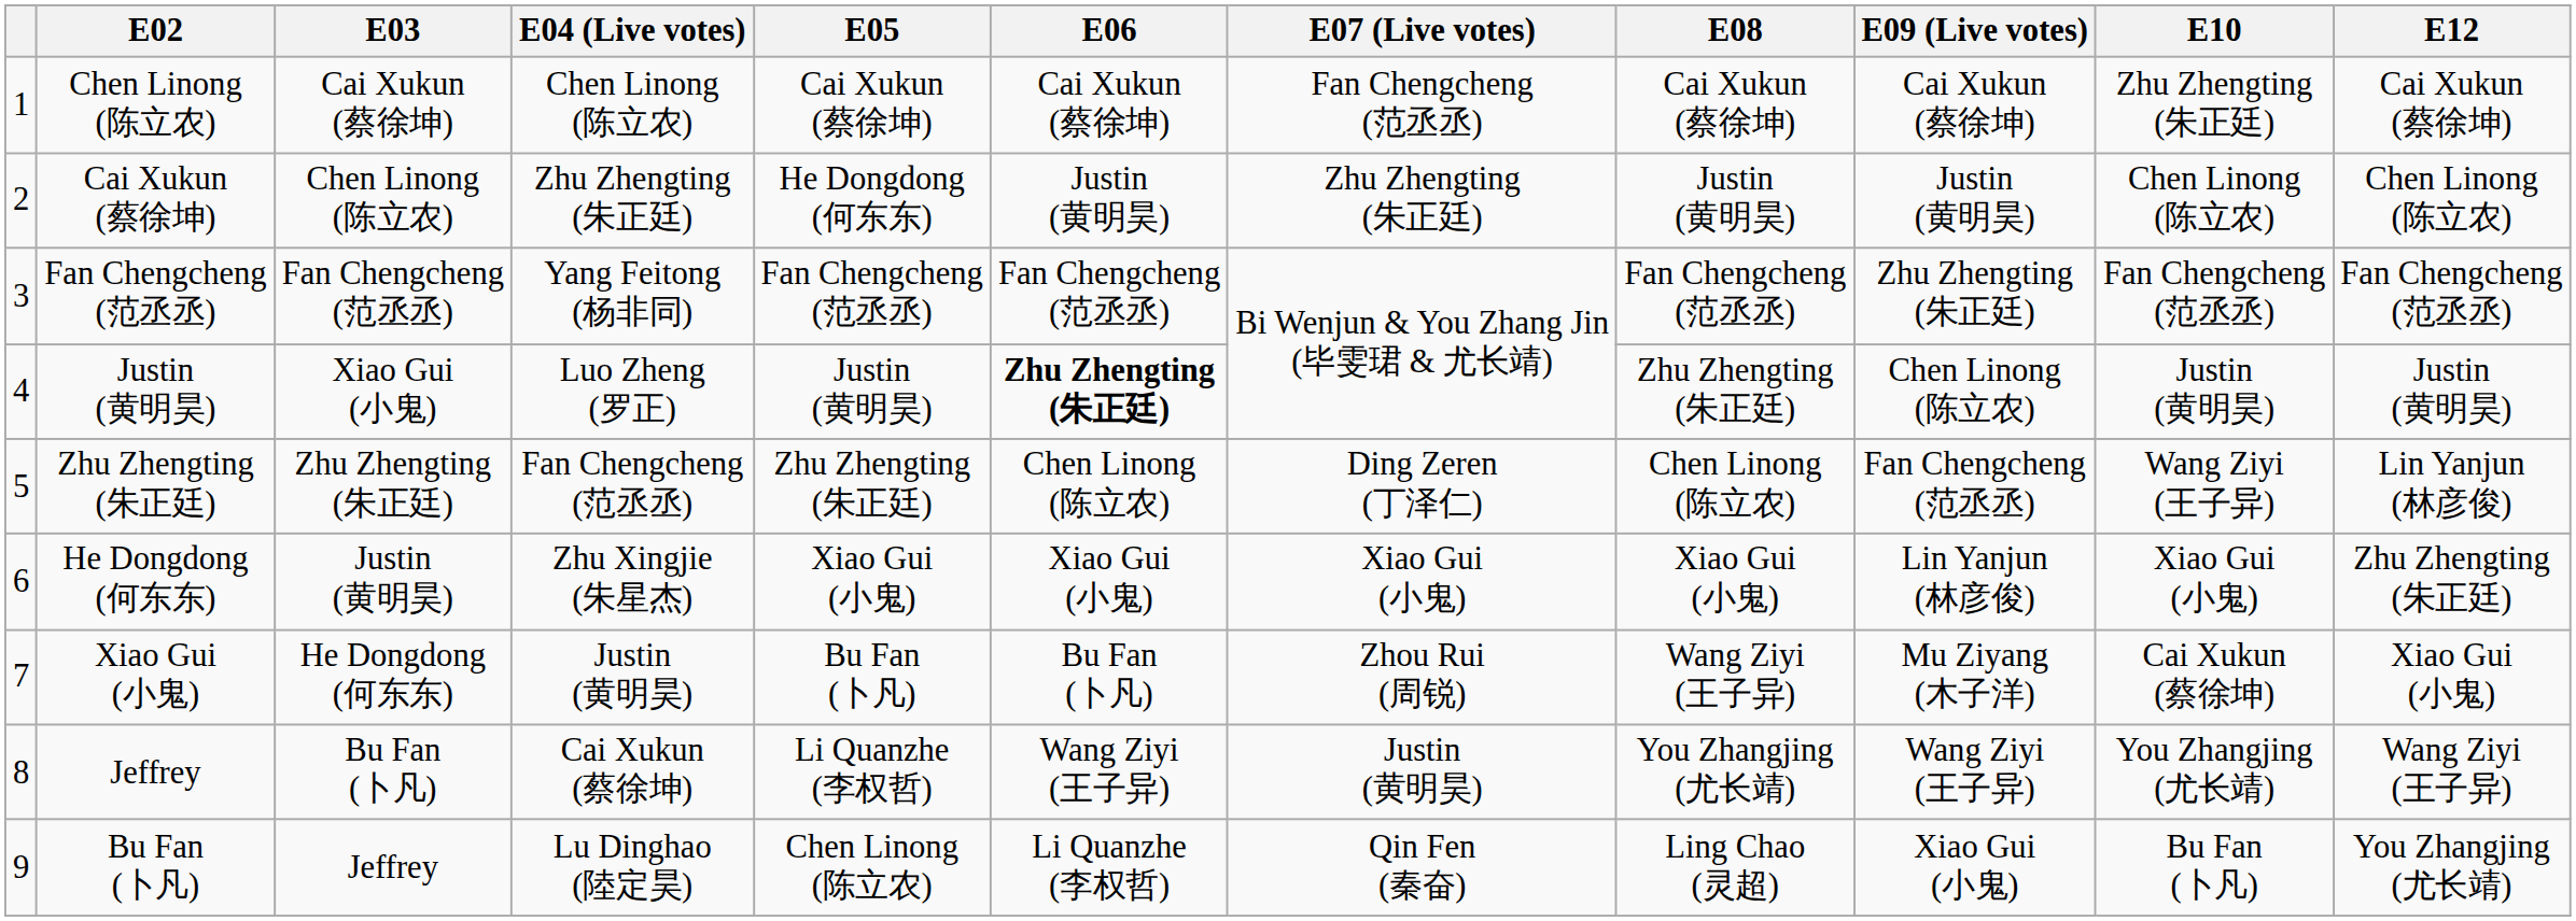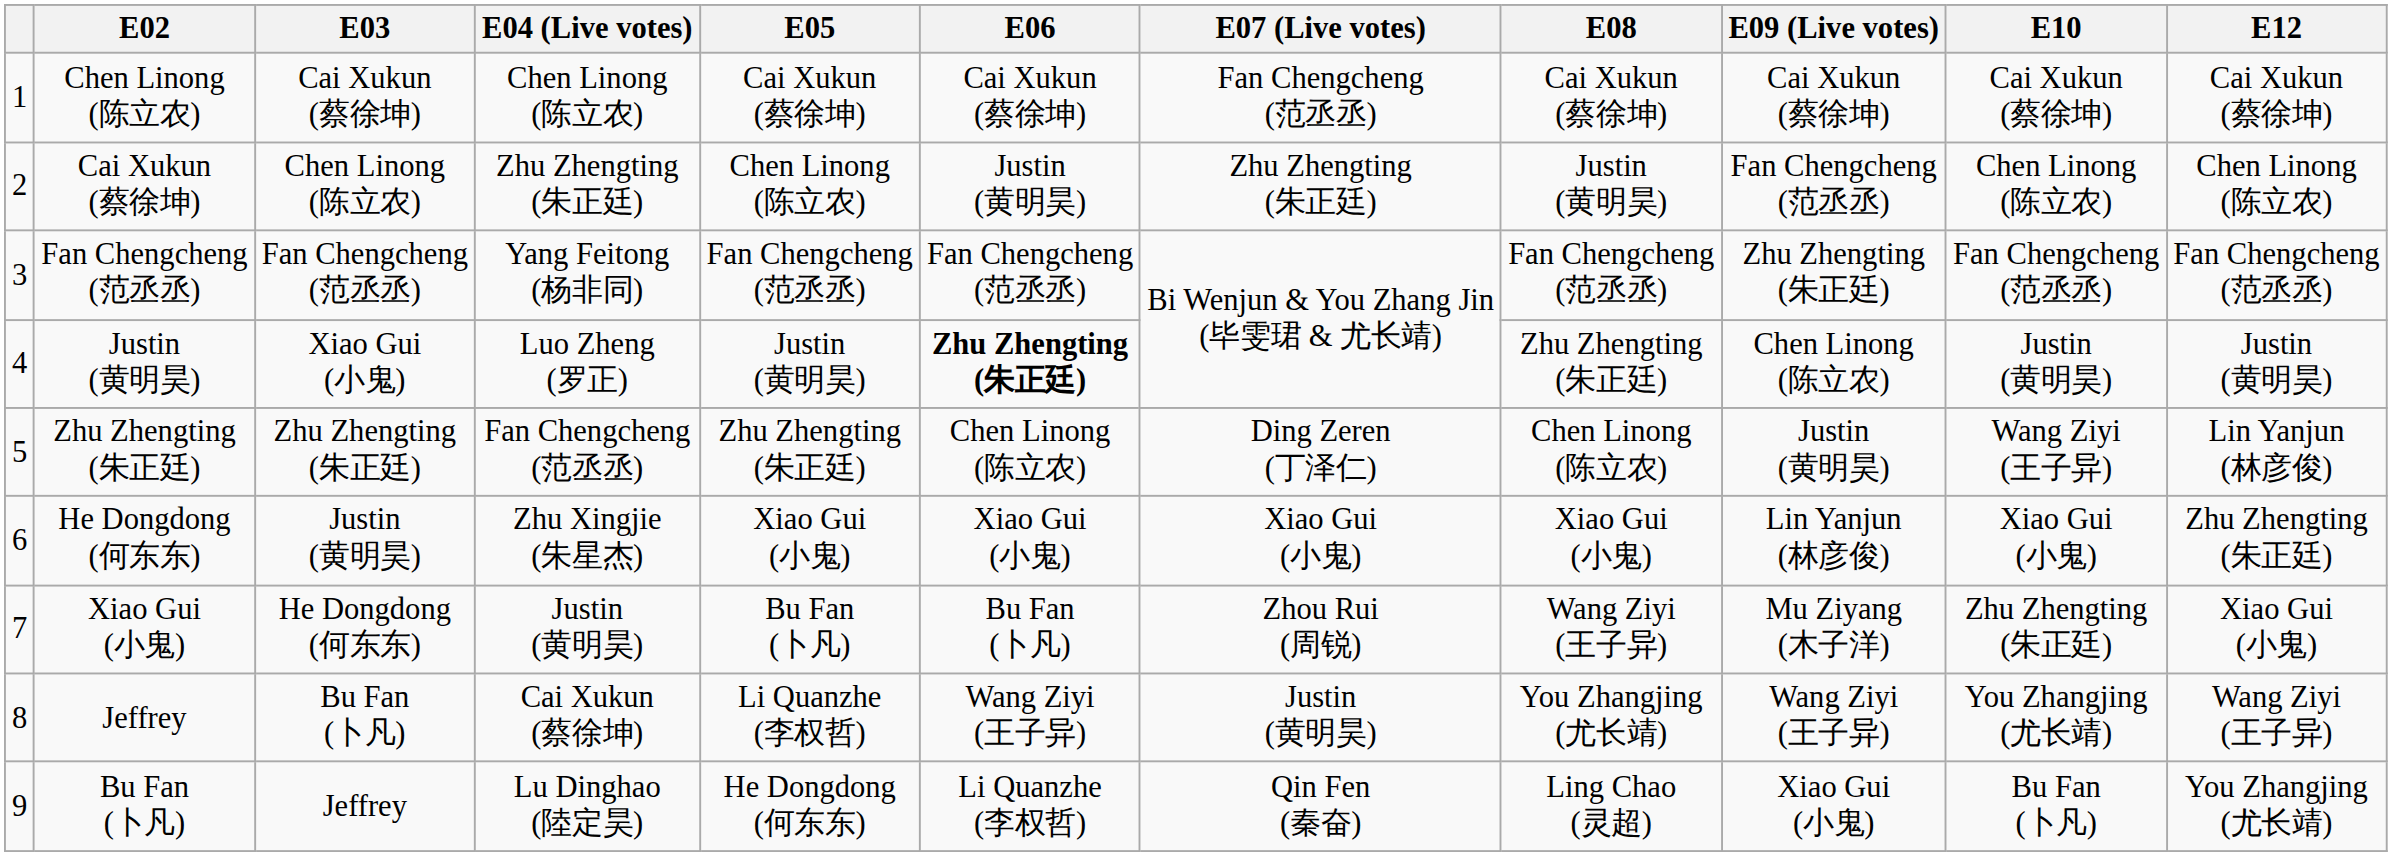 <table class="wikitable sortable mw-collapsible" style="text-align:center">
 <tr>
 <th></th>
 <th>E02</th>
 <th>E03</th>
 <th>E04 (Live votes)</th>
 <th>E05</th>
 <th>E06</th>
 <th>E07 (Live votes)</th>
 <th>E08</th>
 <th>E09 (Live votes)</th>
 <th>E10</th>
 <th>E12</th>
 </tr>
 <tr>
 <td>1</td>
 <td>Chen Linong<br>(陈立农)</td>
 <td>Cai Xukun<br>(蔡徐坤)</td>
 <td>Chen Linong<br>(陈立农)</td>
 <td>Cai Xukun<br>(蔡徐坤)</td>
 <td>Cai Xukun<br>(蔡徐坤)</td>
 <td>Fan Chengcheng<br>(范丞丞)</td>
 <td>Cai Xukun<br>(蔡徐坤)</td>
 <td>Cai Xukun<br>(蔡徐坤)</td>
-<td>Zhu Zhengting<br>(朱正廷)</td>
+<td>Cai Xukun<br>(蔡徐坤)</td>
 <td>Cai Xukun<br>(蔡徐坤)</td>
 </tr>
 <tr>
 <td>2</td>
 <td>Cai Xukun<br>(蔡徐坤)</td>
 <td>Chen Linong<br>(陈立农)</td>
 <td>Zhu Zhengting<br>(朱正廷)</td>
-<td>He Dongdong<br>(何东东)</td>
+<td>Chen Linong<br>(陈立农)</td>
 <td>Justin<br>(黄明昊)</td>
 <td>Zhu Zhengting<br>(朱正廷)</td>
 <td>Justin<br>(黄明昊)</td>
-<td>Justin<br>(黄明昊)</td>
+<td>Fan Chengcheng<br>(范丞丞)</td>
 <td>Chen Linong<br>(陈立农)</td>
 <td>Chen Linong<br>(陈立农)</td>
 </tr>
 <tr>
 <td>3</td>
 <td>Fan Chengcheng<br>(范丞丞)</td>
 <td>Fan Chengcheng<br>(范丞丞)</td>
 <td>Yang Feitong<br>(杨非同)</td>
 <td>Fan Chengcheng<br>(范丞丞)</td>
 <td>Fan Chengcheng<br>(范丞丞)</td>
 <td rowspan="2">Bi Wenjun & You Zhang Jin<br>(毕雯珺 & 尤长靖)</td>
 <td>Fan Chengcheng<br>(范丞丞)</td>
 <td>Zhu Zhengting<br>(朱正廷)</td>
 <td>Fan Chengcheng<br>(范丞丞)</td>
 <td>Fan Chengcheng<br>(范丞丞)</td>
 </tr>
 <tr>
 <td>4</td>
 <td>Justin<br>(黄明昊)</td>
 <td>Xiao Gui<br>(小鬼)</td>
 <td>Luo Zheng<br>(罗正)</td>
 <td>Justin<br>(黄明昊)</td>
 <td><strong>Zhu Zhengting<br>(朱正廷)</strong></td>
 <td>Zhu Zhengting<br>(朱正廷)</td>
 <td>Chen Linong<br>(陈立农)</td>
 <td>Justin<br>(黄明昊)</td>
 <td>Justin<br>(黄明昊)</td>
 </tr>
 <tr>
 <td>5</td>
 <td>Zhu Zhengting<br>(朱正廷)</td>
 <td>Zhu Zhengting<br>(朱正廷)</td>
 <td>Fan Chengcheng<br>(范丞丞)</td>
 <td>Zhu Zhengting<br>(朱正廷)</td>
 <td>Chen Linong<br>(陈立农)</td>
 <td>Ding Zeren<br>(丁泽仁)</td>
 <td>Chen Linong<br>(陈立农)</td>
-<td>Fan Chengcheng<br>(范丞丞)</td>
+<td>Justin<br>(黄明昊)</td>
 <td>Wang Ziyi<br>(王子异)</td>
 <td>Lin Yanjun<br>(林彦俊)</td>
 </tr>
 <tr>
 <td>6</td>
 <td>He Dongdong<br>(何东东)</td>
 <td>Justin<br>(黄明昊)</td>
 <td>Zhu Xingjie<br>(朱星杰)</td>
 <td>Xiao Gui<br>(小鬼)</td>
 <td>Xiao Gui<br>(小鬼)</td>
 <td>Xiao Gui<br>(小鬼)</td>
 <td>Xiao Gui<br>(小鬼)</td>
 <td>Lin Yanjun<br>(林彦俊)</td>
 <td>Xiao Gui<br>(小鬼)</td>
 <td>Zhu Zhengting<br>(朱正廷)</td>
 </tr>
 <tr>
 <td>7</td>
 <td>Xiao Gui<br>(小鬼)</td>
 <td>He Dongdong<br>(何东东)</td>
 <td>Justin<br>(黄明昊)</td>
 <td>Bu Fan<br>(卜凡)</td>
 <td>Bu Fan<br>(卜凡)</td>
 <td>Zhou Rui<br>(周锐)</td>
 <td>Wang Ziyi<br>(王子异)</td>
 <td>Mu Ziyang<br>(木子洋)</td>
-<td>Cai Xukun<br>(蔡徐坤)</td>
+<td>Zhu Zhengting<br>(朱正廷)</td>
 <td>Xiao Gui<br>(小鬼)</td>
 </tr>
 <tr>
 <td>8</td>
 <td>Jeffrey</td>
 <td>Bu Fan<br>(卜凡)</td>
 <td>Cai Xukun<br>(蔡徐坤)</td>
 <td>Li Quanzhe<br>(李权哲)</td>
 <td>Wang Ziyi<br>(王子异)</td>
 <td>Justin<br>(黄明昊)</td>
 <td>You Zhangjing<br>(尤长靖)</td>
 <td>Wang Ziyi<br>(王子异)</td>
 <td>You Zhangjing<br>(尤长靖)</td>
 <td>Wang Ziyi<br>(王子异)</td>
 </tr>
 <tr>
 <td>9</td>
 <td>Bu Fan<br>(卜凡)</td>
 <td>Jeffrey</td>
 <td>Lu Dinghao<br>(陸定昊)</td>
-<td>Chen Linong<br>(陈立农)</td>
+<td>He Dongdong<br>(何东东)</td>
 <td>Li Quanzhe<br>(李权哲)</td>
 <td>Qin Fen<br>(秦奋)</td>
 <td>Ling Chao<br>(灵超)</td>
 <td>Xiao Gui<br>(小鬼)</td>
 <td>Bu Fan<br>(卜凡)</td>
 <td>You Zhangjing<br>(尤长靖)</td>
 </tr>
 </table>
